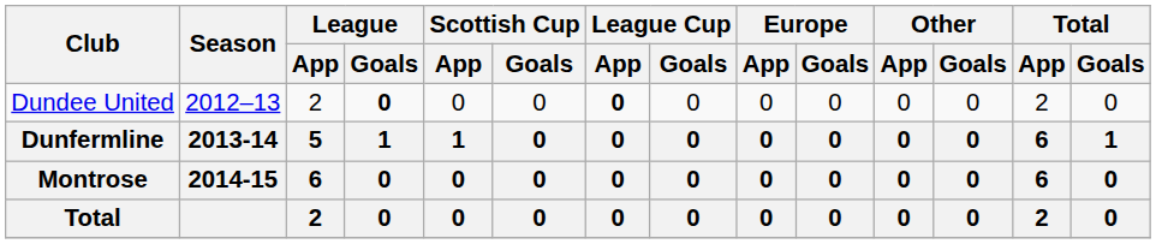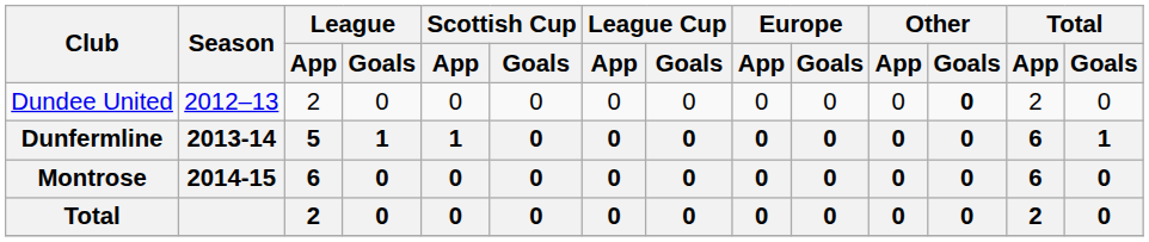 <table class="wikitable">
 <tr>
 <th rowspan=2>Club</th>
 <th rowspan=2>Season</th>
 <th colspan=2>League</th>
 <th colspan=2>Scottish Cup</th>
 <th colspan=2>League Cup</th>
 <th colspan=2>Europe</th>
 <th colspan=2>Other</th>
 <th colspan=2>Total</th>
 </tr>
 <tr>
 <th>App</th>
 <th>Goals</th>
 <th>App</th>
 <th>Goals</th>
 <th>App</th>
 <th>Goals</th>
 <th>App</th>
 <th>Goals</th>
 <th>App</th>
 <th>Goals</th>
 <th>App</th>
 <th>Goals</th>
 </tr>
 <tr align=center>
 <td rowspan=1><a href='#'>Dundee United</a></td>
 <td><a href='#'>2012–13</a></td>
 <td>2</td>
-<td><strong>0</strong></td>
-<td>0</td>
-<td>0</td>
-<td><strong>0</strong></td>
 <td>0</td>
 <td>0</td>
 <td>0</td>
 <td>0</td>
 <td>0</td>
+<td>0</td>
+<td>0</td>
+<td>0</td>
+<td><strong>0</strong></td>
 <td>2</td>
 <td>0</td>
 </tr>
 <tr>
 <th>Dunfermline</th>
 <th>2013-14</th>
 <th>5</th>
 <th>1</th>
 <th>1</th>
 <th>0</th>
 <th>0</th>
 <th>0</th>
 <th>0</th>
 <th>0</th>
 <th>0</th>
 <th>0</th>
 <th>6</th>
 <th>1</th>
 </tr>
 <tr>
 <th>Montrose</th>
 <th>2014-15</th>
 <th>6</th>
 <th>0</th>
 <th>0</th>
 <th>0</th>
 <th>0</th>
 <th>0</th>
 <th>0</th>
 <th>0</th>
 <th>0</th>
 <th>0</th>
 <th>6</th>
 <th>0</th>
 </tr>
 <tr align=center>
 <th>Total</th>
 <th></th>
 <th>2</th>
 <th>0</th>
 <th>0</th>
 <th>0</th>
 <th>0</th>
 <th>0</th>
 <th>0</th>
 <th>0</th>
 <th>0</th>
 <th>0</th>
 <th>2</th>
 <th>0</th>
 </tr>
 <tr>
 </tr>
 </table>
